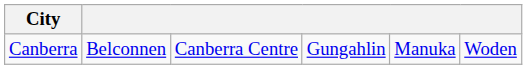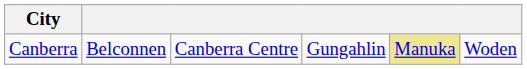 <table class="wikitable">
 <tr>
 <th>City</th>
 <th colspan="5"></th>
 </tr>
 <tr>
 <td><a href='#'>Canberra</a></td>
 <td><a href='#'>Belconnen</a></td>
 <td><a href='#'>Canberra Centre</a></td>
 <td><a href='#'>Gungahlin</a></td>
-<td><a href='#'>Manuka</a></td>
+<td style="background: khaki;"><a href='#'>Manuka</a></td>
 <td><a href='#'>Woden</a></td>
 </tr>
 </table>
